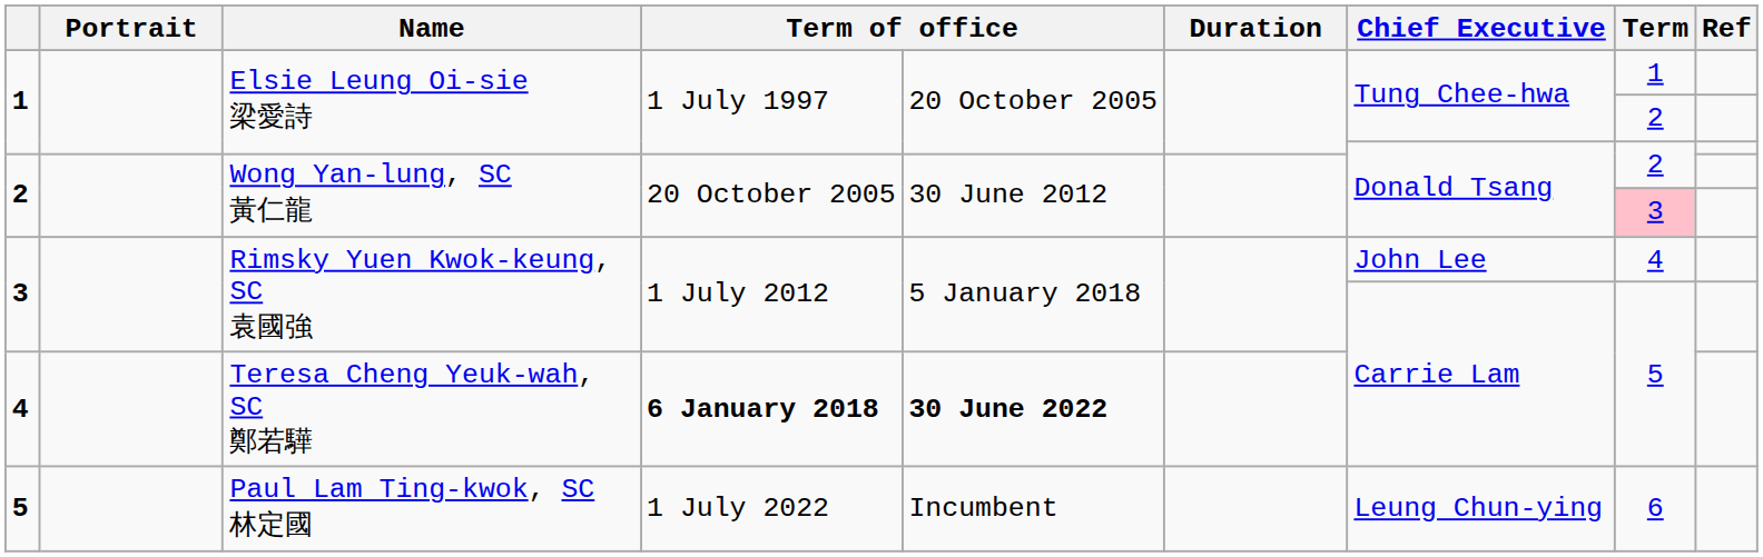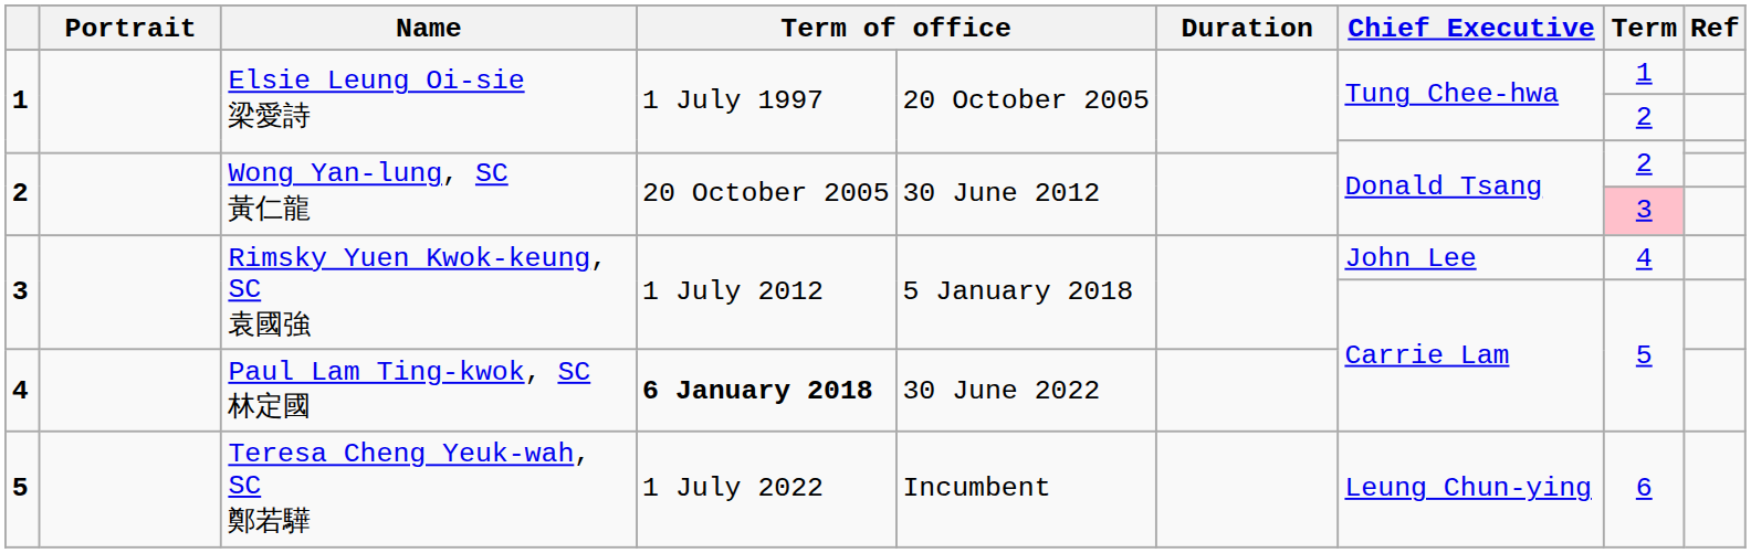 <table class="wikitable"  style="text-align:left">
 <tr>
 <th width=10px></th>
 <th width=80px>Portrait</th>
 <th width=190px>Name</th>
 <th width=180px colspan=2>Term of office</th>
 <th width=80px>Duration</th>
 <th width=120px><a href='#'>Chief Executive</a></th>
 <th>Term</th>
 <th>Ref</th>
 </tr>
 <tr>
 <td rowspan=3 style="background:"><strong>1</strong></td>
 <td rowspan=3></td>
 <td rowspan=3><a href='#'>Elsie Leung Oi-sie</a><br>梁愛詩</td>
 <td rowspan=3>1 July 1997</td>
 <td rowspan=3>20 October 2005</td>
 <td rowspan=3></td>
 <td rowspan=2><a href='#'>Tung Chee-hwa</a><br></td>
 <td align=center><a href='#'>1</a></td>
 <td></td>
 </tr>
 <tr>
 <td align=center><a href='#'>2</a></td>
 <td></td>
 </tr>
 <tr>
 <td rowspan=3><a href='#'>Donald Tsang</a><br></td>
 <td align=center rowspan=2><a href='#'>2</a></td>
 <td></td>
 </tr>
 <tr>
 <td rowspan=2 style="background:"><strong>2</strong></td>
 <td rowspan=2></td>
 <td rowspan=2><a href='#'>Wong Yan-lung</a>, <a href='#'>SC</a><br>黃仁龍</td>
 <td rowspan=2>20 October 2005</td>
 <td rowspan=2>30 June 2012</td>
 <td rowspan=2></td>
 <td></td>
 </tr>
 <tr>
 <td align=center style="background: pink;"><a href='#'>3</a></td>
 <td></td>
 </tr>
 <tr>
 <td rowspan=2 style="background:"><strong>3</strong></td>
 <td rowspan=2></td>
 <td rowspan=2><a href='#'>Rimsky Yuen Kwok-keung</a>, <a href='#'>SC</a><br>袁國強</td>
 <td rowspan=2>1 July 2012</td>
 <td rowspan=2>5 January 2018</td>
 <td rowspan=2></td>
 <td rowspan=1><a href='#'>John Lee</a><br></td>
 <td align=center><a href='#'>4</a></td>
 <td></td>
 </tr>
 <tr>
 <td rowspan="2"><a href='#'>Carrie Lam</a><br></td>
 <td rowspan="2" align="center"><a href='#'>5</a></td>
 <td></td>
 </tr>
 <tr>
 <td style="background:"><strong>4</strong></td>
 <td></td>
-<td><a href='#'>Teresa Cheng Yeuk-wah</a>, <a href='#'>SC</a><br>鄭若驊</td>
+<td><a href='#'>Paul Lam Ting-kwok</a>, <a href='#'>SC</a><br>林定國</td>
 <td><strong>6 January 2018</strong></td>
-<td><strong>30 June 2022</strong></td>
+<td>30 June 2022</td>
 <td></td>
 <td></td>
 </tr>
 <tr>
 <td style="background:"><strong>5</strong></td>
 <td></td>
-<td><a href='#'>Paul Lam Ting-kwok</a>, <a href='#'>SC</a><br>林定國</td>
+<td><a href='#'>Teresa Cheng Yeuk-wah</a>, <a href='#'>SC</a><br>鄭若驊</td>
 <td>1 July 2022</td>
 <td>Incumbent</td>
 <td></td>
 <td><a href='#'>Leung Chun-ying</a><br></td>
 <td rowspan=1 align=center><a href='#'>6</a></td>
 </tr>
 </table>
